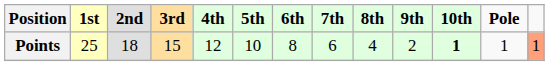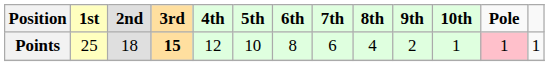 <table class="wikitable" style="font-size:85%; text-align:center">
 <tr>
 <th>Position</th>
 <td style="background:#ffffbf;"> <strong>1st</strong> </td>
 <td style="background:#dfdfdf;"> <strong>2nd</strong> </td>
 <td style="background:#ffdf9f;"> <strong>3rd</strong> </td>
 <td style="background:#dfffdf;"> <strong>4th</strong> </td>
 <td style="background:#dfffdf;"> <strong>5th</strong> </td>
 <td style="background:#dfffdf;"> <strong>6th</strong> </td>
 <td style="background:#dfffdf;"> <strong>7th</strong> </td>
 <td style="background:#dfffdf;"> <strong>8th</strong> </td>
 <td style="background:#dfffdf;"> <strong>9th</strong> </td>
 <td style="background:#dfffdf;"> <strong>10th</strong> </td>
 <td> <strong>Pole</strong> </td>
 <td>  </td>
 </tr>
 <tr>
 <th>Points</th>
 <td style="background:#ffffbf;">25</td>
 <td style="background:#dfdfdf;">18</td>
-<td style="background:#ffdf9f;">15</td>
+<td style="background:#ffdf9f;"><strong>15</strong></td>
 <td style="background:#dfffdf;">12</td>
 <td style="background:#dfffdf;">10</td>
 <td style="background:#dfffdf;">8</td>
 <td style="background:#dfffdf;">6</td>
 <td style="background:#dfffdf;">4</td>
 <td style="background:#dfffdf;">2</td>
-<td style="background:#dfffdf;"><strong>1</strong></td>
+<td style="background:#dfffdf;">1</td>
+<td style="background: pink;">1</td>
 <td>1</td>
-<td style="background: lightsalmon;">1</td>
 </tr>
 <tr>
 </tr>
 </table>
